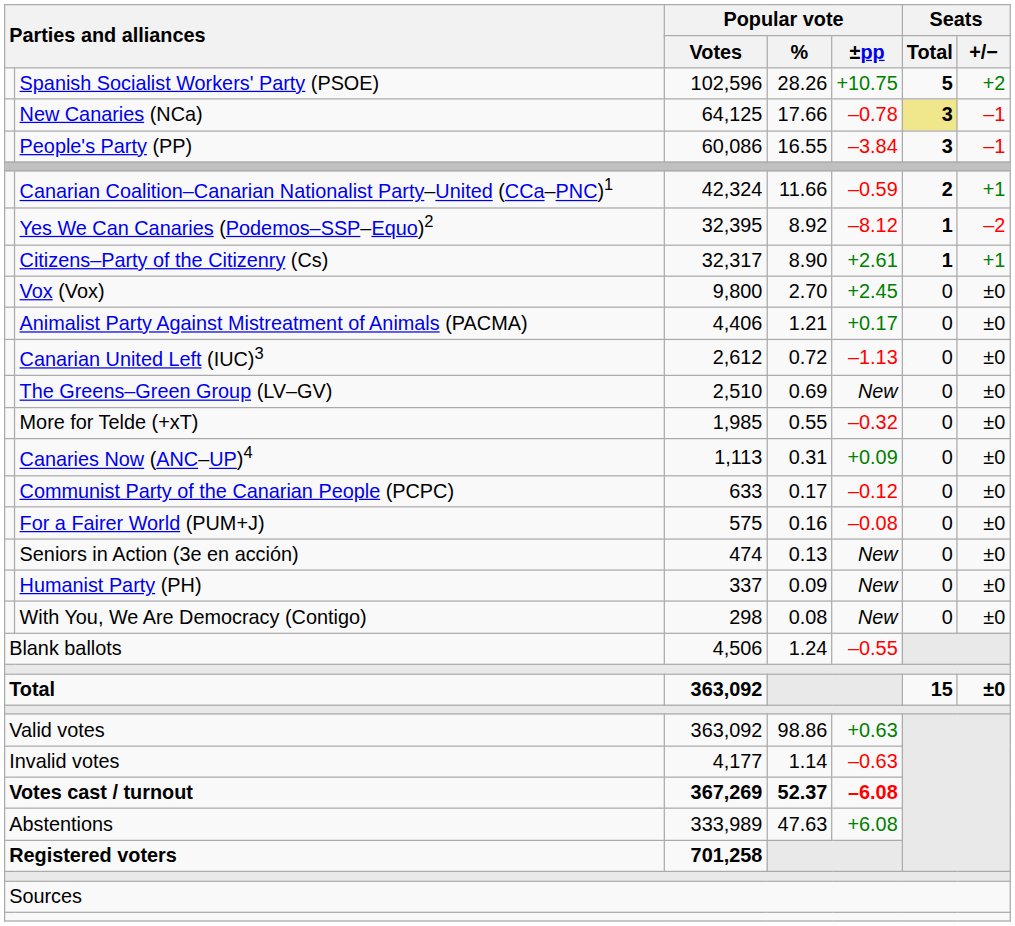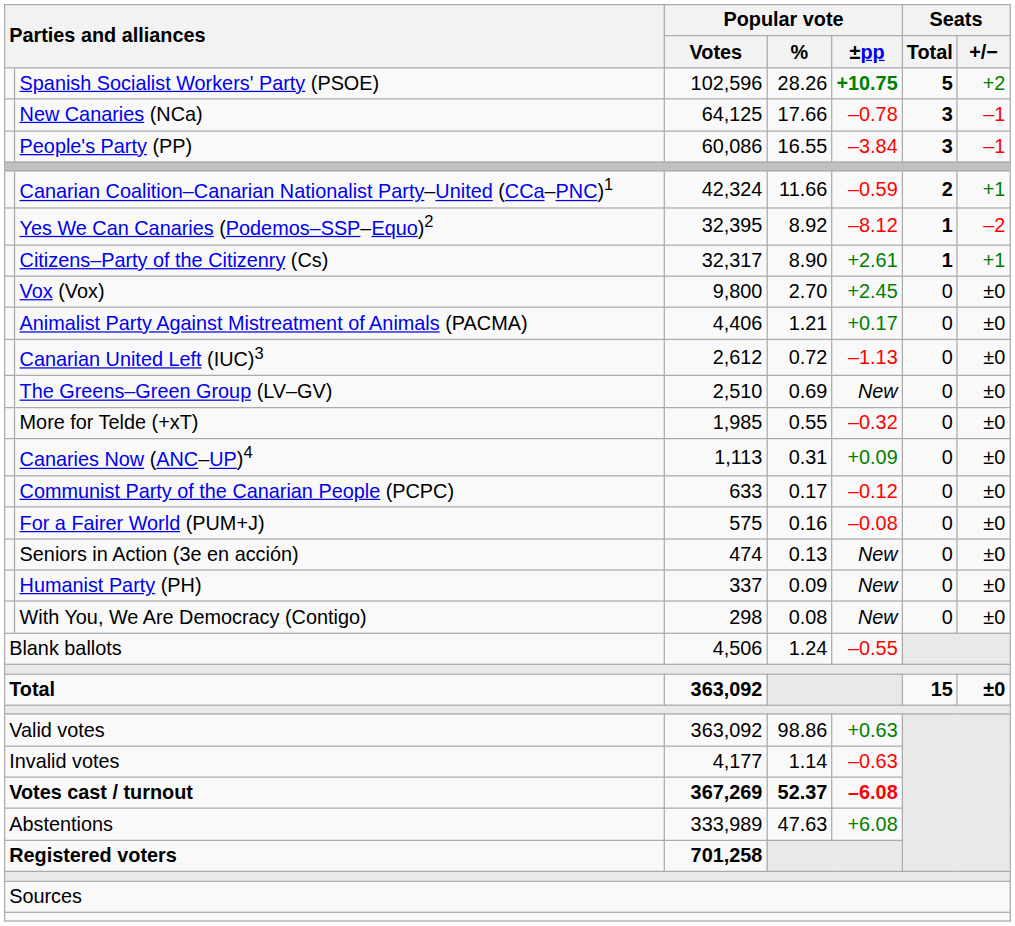 <table class="wikitable" style="text-align:right;">
 <tr>
 <th style="text-align:left;" rowspan="2" colspan="2" width="525">Parties and alliances</th>
 <th colspan="3">Popular vote</th>
 <th colspan="2">Seats</th>
 </tr>
 <tr>
 <th width="75">Votes</th>
 <th width="45">%</th>
 <th width="45">±<a href='#'>pp</a></th>
 <th width="35">Total</th>
 <th width="35">+/−</th>
 </tr>
 <tr>
 <td width="1" style="color:inherit;background:"></td>
 <td align="left"><a href='#'>Spanish Socialist Workers' Party</a> (PSOE)</td>
 <td>102,596</td>
 <td>28.26</td>
-<td style="color:green;">+10.75</td>
+<td style="color:green;"><strong>+10.75</strong></td>
 <td><strong>5</strong></td>
 <td style="color:green;">+2</td>
 </tr>
 <tr>
 <td style="color:inherit;background:"></td>
 <td align="left"><a href='#'>New Canaries</a> (NCa)</td>
 <td>64,125</td>
 <td>17.66</td>
 <td style="color:red;">–0.78</td>
-<td style="background: khaki;"><strong>3</strong></td>
+<td><strong>3</strong></td>
 <td style="color:red;">–1</td>
 </tr>
 <tr>
 <td style="color:inherit;background:"></td>
 <td align="left"><a href='#'>People's Party</a> (PP)</td>
 <td>60,086</td>
 <td>16.55</td>
 <td style="color:red;">–3.84</td>
 <td><strong>3</strong></td>
 <td style="color:red;">–1</td>
 </tr>
 <tr>
 <td colspan="7" bgcolor="#C0C0C0"></td>
 </tr>
 <tr>
 <td style="color:inherit;background:"></td>
 <td align="left"><a href='#'>Canarian Coalition–Canarian Nationalist Party</a>–<a href='#'>United</a> (<a href='#'>CCa</a>–<a href='#'>PNC</a>)<sup>1</sup></td>
 <td>42,324</td>
 <td>11.66</td>
 <td style="color:red;">–0.59</td>
 <td><strong>2</strong></td>
 <td style="color:green;">+1</td>
 </tr>
 <tr>
 <td style="color:inherit;background:"></td>
 <td align="left"><a href='#'>Yes We Can Canaries</a> (<a href='#'>Podemos–SSP</a>–<a href='#'>Equo</a>)<sup>2</sup></td>
 <td>32,395</td>
 <td>8.92</td>
 <td style="color:red;">–8.12</td>
 <td><strong>1</strong></td>
 <td style="color:red;">–2</td>
 </tr>
 <tr>
 <td style="color:inherit;background:"></td>
 <td align="left"><a href='#'>Citizens–Party of the Citizenry</a> (Cs)</td>
 <td>32,317</td>
 <td>8.90</td>
 <td style="color:green;">+2.61</td>
 <td><strong>1</strong></td>
 <td style="color:green;">+1</td>
 </tr>
 <tr>
 <td style="color:inherit;background:"></td>
 <td align="left"><a href='#'>Vox</a> (Vox)</td>
 <td>9,800</td>
 <td>2.70</td>
 <td style="color:green;">+2.45</td>
 <td>0</td>
 <td>±0</td>
 </tr>
 <tr>
 <td style="color:inherit;background:"></td>
 <td align="left"><a href='#'>Animalist Party Against Mistreatment of Animals</a> (PACMA)</td>
 <td>4,406</td>
 <td>1.21</td>
 <td style="color:green;">+0.17</td>
 <td>0</td>
 <td>±0</td>
 </tr>
 <tr>
 <td style="color:inherit;background:"></td>
 <td align="left"><a href='#'>Canarian United Left</a> (IUC)<sup>3</sup></td>
 <td>2,612</td>
 <td>0.72</td>
 <td style="color:red;">–1.13</td>
 <td>0</td>
 <td>±0</td>
 </tr>
 <tr>
 <td style="color:inherit;background:"></td>
 <td align="left"><a href='#'>The Greens–Green Group</a> (LV–GV)</td>
 <td>2,510</td>
 <td>0.69</td>
 <td><em>New</em></td>
 <td>0</td>
 <td>±0</td>
 </tr>
 <tr>
 <td style="color:inherit;background:"></td>
 <td align="left">More for Telde (+xT)</td>
 <td>1,985</td>
 <td>0.55</td>
 <td style="color:red;">–0.32</td>
 <td>0</td>
 <td>±0</td>
 </tr>
 <tr>
 <td style="color:inherit;background:"></td>
 <td align="left"><a href='#'>Canaries Now</a> (<a href='#'>ANC</a>–<a href='#'>UP</a>)<sup>4</sup></td>
 <td>1,113</td>
 <td>0.31</td>
 <td style="color:green;">+0.09</td>
 <td>0</td>
 <td>±0</td>
 </tr>
 <tr>
 <td style="color:inherit;background:"></td>
 <td align="left"><a href='#'>Communist Party of the Canarian People</a> (PCPC)</td>
 <td>633</td>
 <td>0.17</td>
 <td style="color:red;">–0.12</td>
 <td>0</td>
 <td>±0</td>
 </tr>
 <tr>
 <td style="color:inherit;background:"></td>
 <td align="left"><a href='#'>For a Fairer World</a> (PUM+J)</td>
 <td>575</td>
 <td>0.16</td>
 <td style="color:red;">–0.08</td>
 <td>0</td>
 <td>±0</td>
 </tr>
 <tr>
 <td style="color:inherit;background:"></td>
 <td align="left">Seniors in Action (3e en acción)</td>
 <td>474</td>
 <td>0.13</td>
 <td><em>New</em></td>
 <td>0</td>
 <td>±0</td>
 </tr>
 <tr>
 <td style="color:inherit;background:"></td>
 <td align="left"><a href='#'>Humanist Party</a> (PH)</td>
 <td>337</td>
 <td>0.09</td>
 <td><em>New</em></td>
 <td>0</td>
 <td>±0</td>
 </tr>
 <tr>
 <td style="color:inherit;background:"></td>
 <td align="left">With You, We Are Democracy (Contigo)</td>
 <td>298</td>
 <td>0.08</td>
 <td><em>New</em></td>
 <td>0</td>
 <td>±0</td>
 </tr>
 <tr>
 <td align="left" colspan="2">Blank ballots</td>
 <td>4,506</td>
 <td>1.24</td>
 <td style="color:red;">–0.55</td>
 <td bgcolor="#E9E9E9" colspan="2"></td>
 </tr>
 <tr>
 <td colspan="7" bgcolor="#E9E9E9"></td>
 </tr>
 <tr style="font-weight:bold;">
 <td align="left" colspan="2">Total</td>
 <td>363,092</td>
 <td bgcolor="#E9E9E9" colspan="2"></td>
 <td>15</td>
 <td>±0</td>
 </tr>
 <tr>
 <td colspan="7" bgcolor="#E9E9E9"></td>
 </tr>
 <tr>
 <td align="left" colspan="2">Valid votes</td>
 <td>363,092</td>
 <td>98.86</td>
 <td style="color:green;">+0.63</td>
 <td bgcolor="#E9E9E9" colspan="2" rowspan="5"></td>
 </tr>
 <tr>
 <td align="left" colspan="2">Invalid votes</td>
 <td>4,177</td>
 <td>1.14</td>
 <td style="color:red;">–0.63</td>
 </tr>
 <tr style="font-weight:bold;">
 <td align="left" colspan="2">Votes cast / turnout</td>
 <td>367,269</td>
 <td>52.37</td>
 <td style="color:red;">–6.08</td>
 </tr>
 <tr>
 <td align="left" colspan="2">Abstentions</td>
 <td>333,989</td>
 <td>47.63</td>
 <td style="color:green;">+6.08</td>
 </tr>
 <tr style="font-weight:bold;">
 <td align="left" colspan="2">Registered voters</td>
 <td>701,258</td>
 <td bgcolor="#E9E9E9" colspan="2"></td>
 </tr>
 <tr>
 <td colspan="7" bgcolor="#E9E9E9"></td>
 </tr>
 <tr>
 <td align="left" colspan="7">Sources</td>
 </tr>
 <tr>
 <td colspan="9" style="text-align:left;font-size:95%;max-width:790px;"></td>
 </tr>
 </table>
